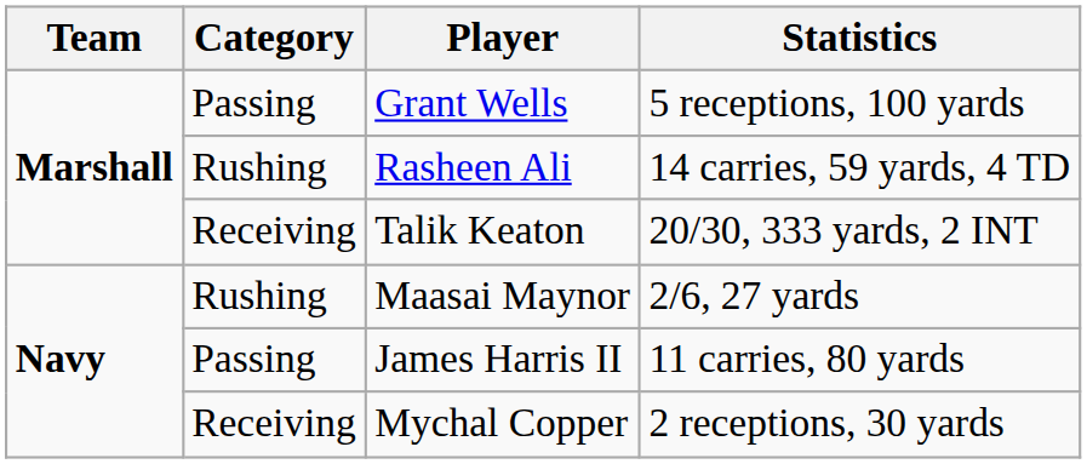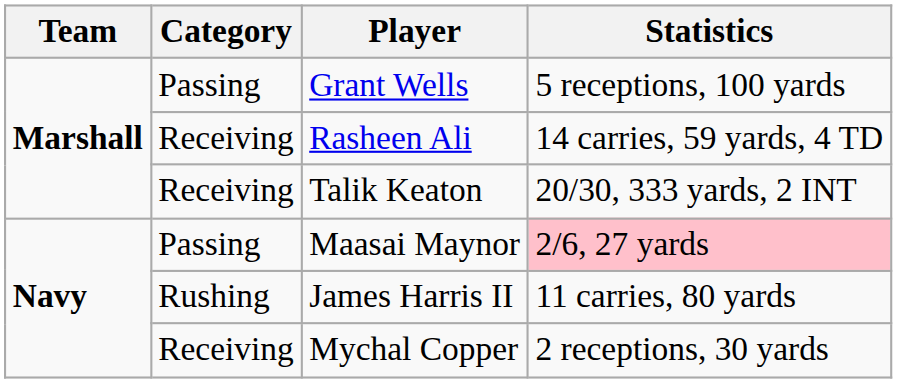 <table class="wikitable" style="float: left;">
 <tr>
 <th>Team</th>
 <th>Category</th>
 <th>Player</th>
 <th>Statistics</th>
 </tr>
 <tr>
 <td rowspan=3><strong>Marshall</strong></td>
 <td>Passing</td>
 <td><a href='#'>Grant Wells</a></td>
 <td>5 receptions, 100 yards</td>
 </tr>
 <tr>
-<td>Rushing</td>
+<td>Receiving</td>
 <td><a href='#'>Rasheen Ali</a></td>
 <td>14 carries, 59 yards, 4 TD</td>
 </tr>
 <tr>
 <td>Receiving</td>
 <td>Talik Keaton</td>
 <td>20/30, 333 yards, 2 INT</td>
 </tr>
 <tr>
 <td rowspan=3><strong>Navy</strong></td>
-<td>Rushing</td>
+<td>Passing</td>
 <td>Maasai Maynor</td>
-<td>2/6, 27 yards</td>
+<td style="background: pink;">2/6, 27 yards</td>
 </tr>
 <tr>
-<td>Passing</td>
+<td>Rushing</td>
 <td>James Harris II</td>
 <td>11 carries, 80 yards</td>
 </tr>
 <tr>
 <td>Receiving</td>
 <td>Mychal Copper</td>
 <td>2 receptions, 30 yards</td>
 </tr>
 </table>
